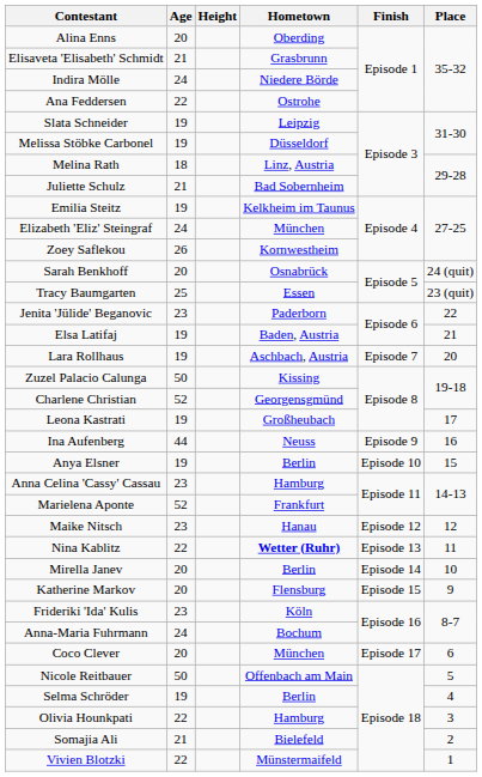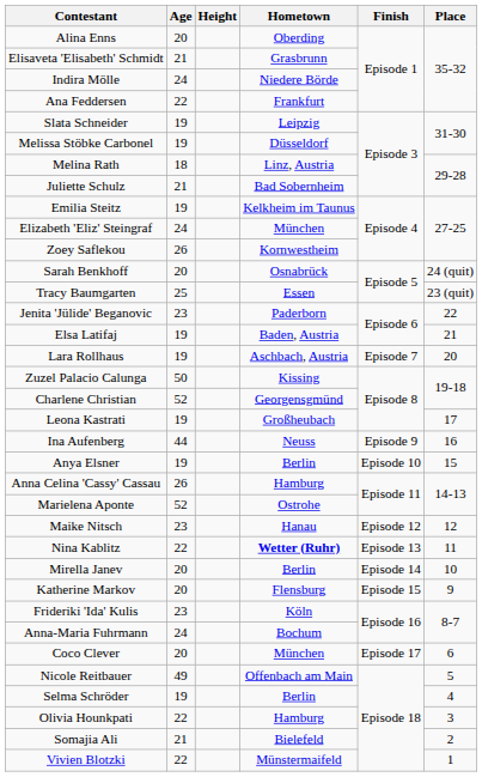 <table class="wikitable sortable" style="text-align:center;">
 <tr>
 <th>Contestant</th>
 <th>Age</th>
 <th>Height</th>
 <th>Hometown</th>
 <th>Finish</th>
 <th>Place</th>
 </tr>
 <tr>
 <td>Alina Enns</td>
 <td>20</td>
 <td></td>
 <td><a href='#'>Oberding</a></td>
 <td rowspan="4">Episode 1</td>
 <td rowspan="4">35-32</td>
 </tr>
 <tr>
 <td>Elisaveta 'Elisabeth' Schmidt</td>
 <td>21</td>
 <td></td>
 <td><a href='#'>Grasbrunn</a></td>
 </tr>
 <tr>
 <td>Indira Mölle</td>
 <td>24</td>
 <td></td>
 <td><a href='#'>Niedere Börde</a></td>
 </tr>
 <tr>
 <td>Ana Feddersen</td>
 <td>22</td>
 <td></td>
-<td><a href='#'>Ostrohe</a></td>
+<td><a href='#'>Frankfurt</a></td>
 </tr>
 <tr>
 <td>Slata Schneider</td>
 <td>19</td>
 <td></td>
 <td><a href='#'>Leipzig</a></td>
 <td rowspan="4">Episode 3</td>
 <td rowspan="2">31-30</td>
 </tr>
 <tr>
 <td>Melissa Stöbke Carbonel</td>
 <td>19</td>
 <td></td>
 <td><a href='#'>Düsseldorf</a></td>
 </tr>
 <tr>
 <td>Melina Rath</td>
 <td>18</td>
 <td></td>
 <td><a href='#'>Linz</a>, <a href='#'>Austria</a></td>
 <td rowspan="2">29-28</td>
 </tr>
 <tr>
 <td>Juliette Schulz</td>
 <td>21</td>
 <td></td>
 <td><a href='#'>Bad Sobernheim</a></td>
 </tr>
 <tr>
 <td>Emilia Steitz</td>
 <td>19</td>
 <td></td>
 <td><a href='#'>Kelkheim im Taunus</a></td>
 <td rowspan="3">Episode 4</td>
 <td rowspan="3">27-25</td>
 </tr>
 <tr>
 <td>Elizabeth 'Eliz' Steingraf</td>
 <td>24</td>
 <td></td>
 <td><a href='#'>München</a></td>
 </tr>
 <tr>
 <td>Zoey Saflekou</td>
 <td>26</td>
 <td></td>
 <td><a href='#'>Kornwestheim</a></td>
 </tr>
 <tr>
 <td>Sarah Benkhoff</td>
 <td>20</td>
 <td></td>
 <td><a href='#'>Osnabrück</a></td>
 <td rowspan="2">Episode 5</td>
 <td>24 (quit)</td>
 </tr>
 <tr>
 <td>Tracy Baumgarten</td>
 <td>25</td>
 <td></td>
 <td><a href='#'>Essen</a></td>
 <td>23 (quit)</td>
 </tr>
 <tr>
 <td>Jenita 'Jülide' Beganovic</td>
 <td>23</td>
 <td></td>
 <td><a href='#'>Paderborn</a></td>
 <td rowspan="2">Episode 6</td>
 <td>22</td>
 </tr>
 <tr>
 <td>Elsa Latifaj</td>
 <td>19</td>
 <td></td>
 <td><a href='#'>Baden</a>, <a href='#'>Austria</a></td>
 <td>21</td>
 </tr>
 <tr>
 <td>Lara Rollhaus</td>
 <td>19</td>
 <td></td>
 <td><a href='#'>Aschbach</a>, <a href='#'>Austria</a></td>
 <td>Episode 7</td>
 <td>20</td>
 </tr>
 <tr>
 <td>Zuzel Palacio Calunga</td>
 <td>50</td>
 <td></td>
 <td><a href='#'>Kissing</a></td>
 <td rowspan="3">Episode 8</td>
 <td rowspan="2">19-18</td>
 </tr>
 <tr>
 <td>Charlene Christian</td>
 <td>52</td>
 <td></td>
 <td><a href='#'>Georgensgmünd</a></td>
 </tr>
 <tr>
 <td>Leona Kastrati</td>
 <td>19</td>
 <td></td>
 <td><a href='#'>Großheubach</a></td>
 <td>17</td>
 </tr>
 <tr>
 <td>Ina Aufenberg</td>
 <td>44</td>
 <td></td>
 <td><a href='#'>Neuss</a></td>
 <td>Episode 9</td>
 <td>16</td>
 </tr>
 <tr>
 <td>Anya Elsner</td>
 <td>19</td>
 <td></td>
 <td><a href='#'>Berlin</a></td>
 <td>Episode 10</td>
 <td>15</td>
 </tr>
 <tr>
 <td>Anna Celina 'Cassy' Cassau</td>
-<td>23</td>
+<td>26</td>
 <td></td>
 <td><a href='#'>Hamburg</a></td>
 <td rowspan="2">Episode 11</td>
 <td rowspan="2">14-13</td>
 </tr>
 <tr>
 <td>Marielena Aponte</td>
 <td>52</td>
 <td></td>
-<td><a href='#'>Frankfurt</a></td>
+<td><a href='#'>Ostrohe</a></td>
 </tr>
 <tr>
 <td>Maike Nitsch</td>
 <td>23</td>
 <td></td>
 <td><a href='#'>Hanau</a></td>
 <td>Episode 12</td>
 <td>12</td>
 </tr>
 <tr>
 <td>Nina Kablitz</td>
 <td>22</td>
 <td></td>
 <td><strong><a href='#'>Wetter (Ruhr)</a></strong></td>
 <td>Episode 13</td>
 <td>11</td>
 </tr>
 <tr>
 <td>Mirella Janev</td>
 <td>20</td>
 <td></td>
 <td><a href='#'>Berlin</a></td>
 <td>Episode 14</td>
 <td>10</td>
 </tr>
 <tr>
 <td>Katherine Markov</td>
 <td>20</td>
 <td></td>
 <td><a href='#'>Flensburg</a></td>
 <td>Episode 15</td>
 <td>9</td>
 </tr>
 <tr>
 <td>Frideriki 'Ida' Kulis</td>
 <td>23</td>
 <td></td>
 <td><a href='#'>Köln</a></td>
 <td rowspan="2">Episode 16</td>
 <td rowspan="2">8-7</td>
 </tr>
 <tr>
 <td>Anna-Maria Fuhrmann</td>
 <td>24</td>
 <td></td>
 <td><a href='#'>Bochum</a></td>
 </tr>
 <tr>
 <td>Coco Clever</td>
 <td>20</td>
 <td></td>
 <td><a href='#'>München</a></td>
 <td>Episode 17</td>
 <td>6</td>
 </tr>
 <tr>
 <td>Nicole Reitbauer</td>
-<td>50</td>
+<td>49</td>
 <td></td>
 <td><a href='#'>Offenbach am Main</a></td>
 <td rowspan="5">Episode 18</td>
 <td>5</td>
 </tr>
 <tr>
 <td>Selma Schröder</td>
 <td>19</td>
 <td></td>
 <td><a href='#'>Berlin</a></td>
 <td>4</td>
 </tr>
 <tr>
 <td>Olivia Hounkpati</td>
 <td>22</td>
 <td></td>
 <td><a href='#'>Hamburg</a></td>
 <td>3</td>
 </tr>
 <tr>
 <td>Somajia Ali</td>
 <td>21</td>
 <td></td>
 <td><a href='#'>Bielefeld</a></td>
 <td>2</td>
 </tr>
 <tr>
 <td><a href='#'>Vivien Blotzki</a></td>
 <td>22</td>
 <td></td>
 <td><a href='#'>Münstermaifeld</a></td>
 <td>1</td>
 </tr>
 </table>
